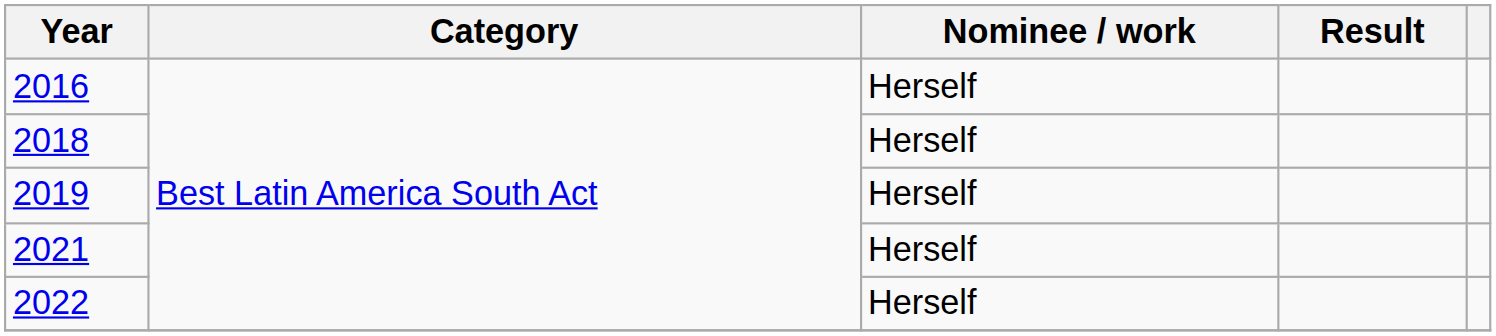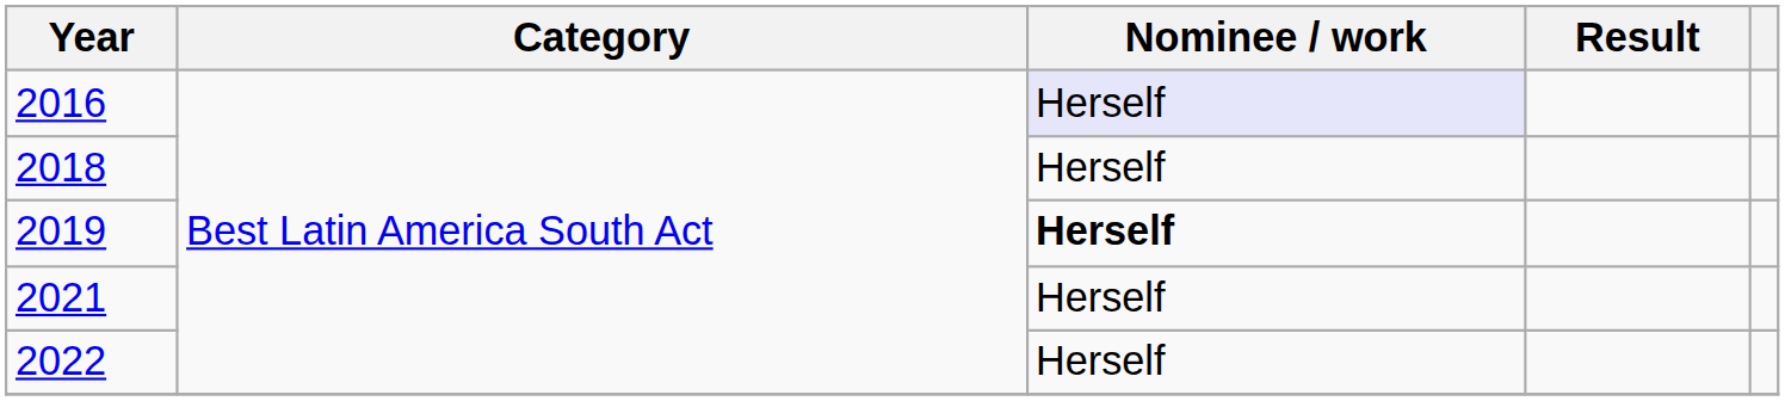 <table class="wikitable" style="width:55%;">
 <tr>
 <th>Year</th>
 <th>Category</th>
 <th>Nominee / work</th>
 <th>Result</th>
 <th></th>
 </tr>
 <tr>
 <td><a href='#'>2016</a></td>
 <td rowspan="5"><a href='#'>Best Latin America South Act</a></td>
-<td>Herself</td>
+<td style="background: lavender;">Herself</td>
 <td></td>
 <td></td>
 </tr>
 <tr>
 <td><a href='#'>2018</a></td>
 <td>Herself</td>
 <td></td>
 <td></td>
 </tr>
 <tr>
 <td><a href='#'>2019</a></td>
-<td>Herself</td>
+<td><strong>Herself</strong></td>
 <td></td>
 <td></td>
 </tr>
 <tr>
 <td><a href='#'>2021</a></td>
 <td>Herself</td>
 <td></td>
 <td></td>
 </tr>
 <tr>
 <td><a href='#'>2022</a></td>
 <td>Herself</td>
 <td></td>
 <td></td>
 </tr>
 <tr>
 </tr>
 </table>
